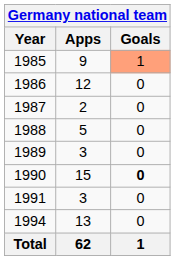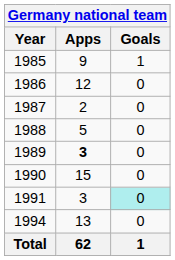 <table class="wikitable" style="text-align:center">
 <tr>
 <th colspan=3><a href='#'>Germany national team</a></th>
 </tr>
 <tr>
 <th>Year</th>
 <th>Apps</th>
 <th>Goals</th>
 </tr>
 <tr>
 <td>1985</td>
 <td>9</td>
-<td style="background: lightsalmon;">1</td>
+<td>1</td>
 </tr>
 <tr>
 <td>1986</td>
 <td>12</td>
 <td>0</td>
 </tr>
 <tr>
 <td>1987</td>
 <td>2</td>
 <td>0</td>
 </tr>
 <tr>
 <td>1988</td>
 <td>5</td>
 <td>0</td>
 </tr>
 <tr>
 <td>1989</td>
-<td>3</td>
+<td><strong>3</strong></td>
 <td>0</td>
 </tr>
 <tr>
 <td>1990</td>
 <td>15</td>
-<td><strong>0</strong></td>
+<td>0</td>
 </tr>
 <tr>
 <td>1991</td>
 <td>3</td>
-<td>0</td>
+<td style="background: paleturquoise;">0</td>
 </tr>
 <tr>
 <td>1994</td>
 <td>13</td>
 <td>0</td>
 </tr>
 <tr>
 <th>Total</th>
 <th>62</th>
 <th>1</th>
 </tr>
 </table>
